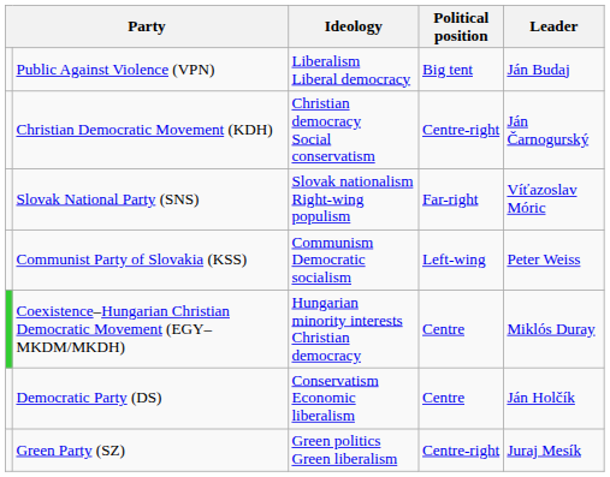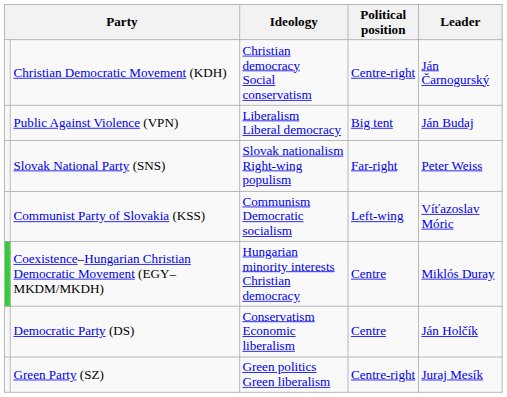 <table class="wikitable">
 <tr>
 <th colspan="2">Party</th>
 <th>Ideology</th>
 <th>Political position</th>
 <th>Leader</th>
+</tr>
+<tr>
+<td style="background:"></td>
+<td><a href='#'>Christian Democratic Movement</a> (KDH)</td>
+<td><a href='#'>Christian democracy</a><br><a href='#'>Social conservatism</a></td>
+<td><a href='#'>Centre-right</a></td>
+<td><a href='#'>Ján Čarnogurský</a></td>
 </tr>
 <tr>
 <td style="background:"></td>
 <td><a href='#'>Public Against Violence</a> (VPN)</td>
 <td><a href='#'>Liberalism</a><br><a href='#'>Liberal democracy</a></td>
 <td><a href='#'>Big tent</a></td>
 <td><a href='#'>Ján Budaj</a></td>
 </tr>
 <tr>
 <td style="background:"></td>
-<td><a href='#'>Christian Democratic Movement</a> (KDH)</td>
-<td><a href='#'>Christian democracy</a><br><a href='#'>Social conservatism</a></td>
-<td><a href='#'>Centre-right</a></td>
-<td><a href='#'>Ján Čarnogurský</a></td>
-</tr>
-<tr>
-<td style="background:"></td>
 <td><a href='#'>Slovak National Party</a> (SNS)</td>
 <td><a href='#'>Slovak nationalism</a><br><a href='#'>Right-wing populism</a></td>
 <td><a href='#'>Far-right</a></td>
-<td><a href='#'>Víťazoslav Móric</a></td>
+<td><a href='#'>Peter Weiss</a></td>
 </tr>
 <tr>
 <td style="background:"></td>
 <td><a href='#'>Communist Party of Slovakia</a> (KSS)</td>
 <td><a href='#'>Communism</a><br><a href='#'>Democratic socialism</a></td>
 <td><a href='#'>Left-wing</a></td>
-<td><a href='#'>Peter Weiss</a></td>
+<td><a href='#'>Víťazoslav Móric</a></td>
 </tr>
 <tr>
 <td style="background:#32CD32"></td>
 <td><a href='#'>Coexistence</a>–<a href='#'>Hungarian Christian Democratic Movement</a> (EGY–MKDM/MKDH)</td>
 <td><a href='#'>Hungarian minority interests</a><br><a href='#'>Christian democracy</a></td>
 <td><a href='#'>Centre</a></td>
 <td><a href='#'>Miklós Duray</a></td>
 </tr>
 <tr>
 <td style="background:"></td>
 <td><a href='#'>Democratic Party</a> (DS)</td>
 <td><a href='#'>Conservatism</a><br><a href='#'>Economic liberalism</a></td>
 <td><a href='#'>Centre</a></td>
 <td><a href='#'>Ján Holčík</a></td>
 </tr>
 <tr>
 <td style="background:"></td>
 <td><a href='#'>Green Party</a> (SZ)</td>
 <td><a href='#'>Green politics</a><br><a href='#'>Green liberalism</a></td>
 <td><a href='#'>Centre-right</a></td>
 <td><a href='#'>Juraj Mesík</a></td>
 </tr>
 </table>
